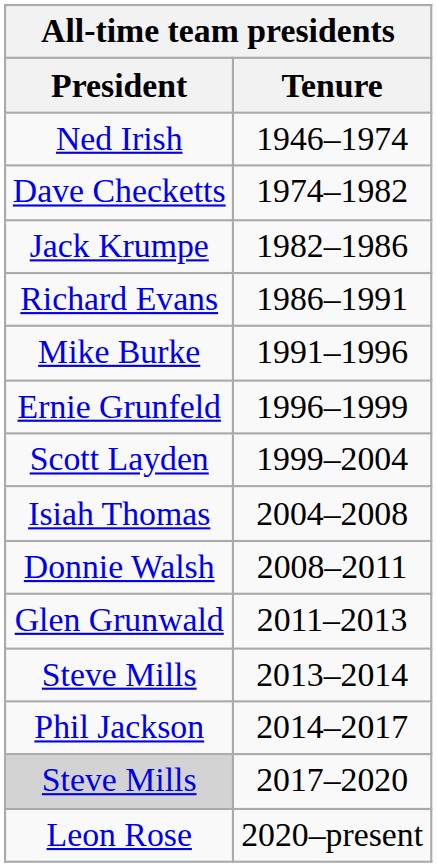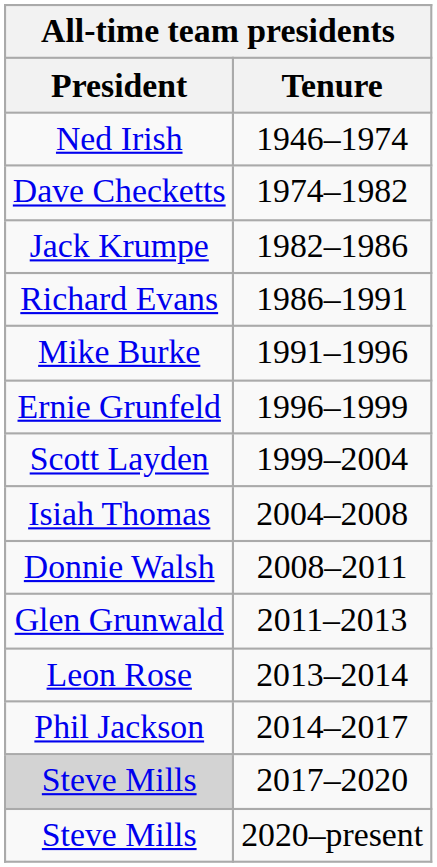 <table class="wikitable" style="text-align:center">
 <tr>
 <th colspan="2">All-time team presidents</th>
 </tr>
 <tr>
 <th>President</th>
 <th>Tenure</th>
 </tr>
 <tr>
 <td><a href='#'>Ned Irish</a></td>
 <td>1946–1974</td>
 </tr>
 <tr>
 <td><a href='#'>Dave Checketts</a></td>
 <td>1974–1982</td>
 </tr>
 <tr>
 <td><a href='#'>Jack Krumpe</a></td>
 <td>1982–1986</td>
 </tr>
 <tr>
 <td><a href='#'>Richard Evans</a></td>
 <td>1986–1991</td>
 </tr>
 <tr>
 <td><a href='#'>Mike Burke</a></td>
 <td>1991–1996</td>
 </tr>
 <tr>
 <td><a href='#'>Ernie Grunfeld</a></td>
 <td>1996–1999</td>
 </tr>
 <tr>
 <td><a href='#'>Scott Layden</a></td>
 <td>1999–2004</td>
 </tr>
 <tr>
 <td><a href='#'>Isiah Thomas</a></td>
 <td>2004–2008</td>
 </tr>
 <tr>
 <td><a href='#'>Donnie Walsh</a></td>
 <td>2008–2011</td>
 </tr>
 <tr>
 <td><a href='#'>Glen Grunwald</a></td>
 <td>2011–2013</td>
 </tr>
 <tr>
-<td><a href='#'>Steve Mills</a></td>
+<td><a href='#'>Leon Rose</a></td>
 <td>2013–2014</td>
 </tr>
 <tr>
 <td><a href='#'>Phil Jackson</a></td>
 <td>2014–2017</td>
 </tr>
 <tr>
 <td style="background: lightgrey;"><a href='#'>Steve Mills</a></td>
 <td>2017–2020</td>
 </tr>
 <tr>
-<td><a href='#'>Leon Rose</a></td>
+<td><a href='#'>Steve Mills</a></td>
 <td>2020–present</td>
 </tr>
 </table>
